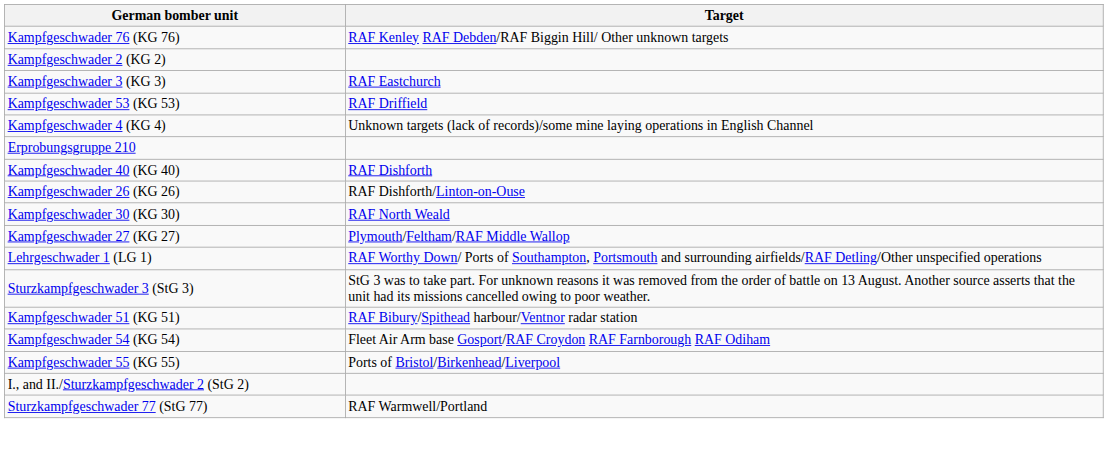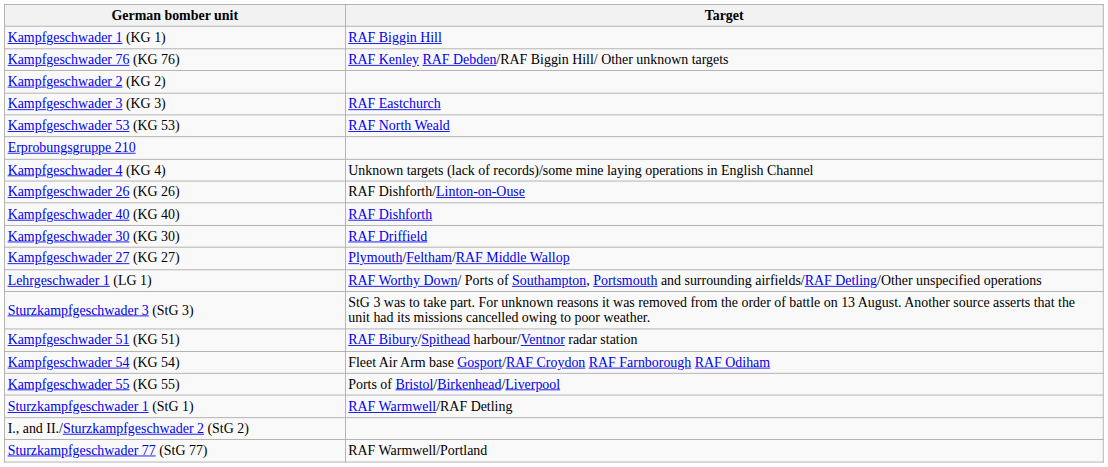 <table class="wikitable" style="width:100%; margin-centre:5pt; margin-Bottom:0; margin-centre:0; margin-Top:0;">
 <tr>
 <th style="width:31%;">German bomber unit</th>
 <th>Target</th>
+</tr>
+<tr>
+<td><a href='#'>Kampfgeschwader 1</a> (KG 1)</td>
+<td><a href='#'>RAF Biggin Hill</a></td>
 </tr>
 <tr>
 <td><a href='#'>Kampfgeschwader 76</a> (KG 76)</td>
 <td><a href='#'>RAF Kenley</a> <a href='#'>RAF Debden</a>/RAF Biggin Hill/ Other unknown targets</td>
 </tr>
 <tr>
 <td><a href='#'>Kampfgeschwader 2</a> (KG 2)</td>
 <td></td>
 </tr>
 <tr>
 <td><a href='#'>Kampfgeschwader 3</a> (KG 3)</td>
 <td><a href='#'>RAF Eastchurch</a></td>
 </tr>
 <tr>
 <td><a href='#'>Kampfgeschwader 53</a> (KG 53)</td>
-<td><a href='#'>RAF Driffield</a></td>
+<td><a href='#'>RAF North Weald</a></td>
+</tr>
+<tr>
+<td><a href='#'>Erprobungsgruppe 210</a></td>
+<td></td>
 </tr>
 <tr>
 <td><a href='#'>Kampfgeschwader 4</a> (KG 4)</td>
 <td>Unknown targets (lack of records)/some mine laying operations in English Channel</td>
 </tr>
 <tr>
-<td><a href='#'>Erprobungsgruppe 210</a></td>
-<td></td>
+<td><a href='#'>Kampfgeschwader 26</a> (KG 26)</td>
+<td>RAF Dishforth/<a href='#'>Linton-on-Ouse</a></td>
 </tr>
 <tr>
 <td><a href='#'>Kampfgeschwader 40</a> (KG 40)</td>
 <td><a href='#'>RAF Dishforth</a></td>
 </tr>
 <tr>
-<td><a href='#'>Kampfgeschwader 26</a> (KG 26)</td>
-<td>RAF Dishforth/<a href='#'>Linton-on-Ouse</a></td>
-</tr>
-<tr>
 <td><a href='#'>Kampfgeschwader 30</a> (KG 30)</td>
-<td><a href='#'>RAF North Weald</a></td>
+<td><a href='#'>RAF Driffield</a></td>
 </tr>
 <tr>
 <td><a href='#'>Kampfgeschwader 27</a> (KG 27)</td>
 <td><a href='#'>Plymouth</a>/<a href='#'>Feltham</a>/<a href='#'>RAF Middle Wallop</a></td>
 </tr>
 <tr>
 <td><a href='#'>Lehrgeschwader 1</a> (LG 1)</td>
 <td><a href='#'>RAF Worthy Down</a>/ Ports of <a href='#'>Southampton</a>, <a href='#'>Portsmouth</a> and surrounding airfields/<a href='#'>RAF Detling</a>/Other unspecified operations</td>
 </tr>
 <tr>
 <td><a href='#'>Sturzkampfgeschwader 3</a> (StG 3)</td>
 <td>StG 3 was to take part. For unknown reasons it was removed from the order of battle on 13 August. Another source asserts that the unit had its missions cancelled owing to poor weather.</td>
 </tr>
 <tr>
 <td><a href='#'>Kampfgeschwader 51</a> (KG 51)</td>
 <td><a href='#'>RAF Bibury</a>/<a href='#'>Spithead</a> harbour/<a href='#'>Ventnor</a> radar station</td>
 </tr>
 <tr>
 <td><a href='#'>Kampfgeschwader 54</a> (KG 54)</td>
 <td>Fleet Air Arm base <a href='#'>Gosport</a>/<a href='#'>RAF Croydon</a> <a href='#'>RAF Farnborough</a> <a href='#'>RAF Odiham</a></td>
 </tr>
 <tr>
 <td><a href='#'>Kampfgeschwader 55</a> (KG 55)</td>
 <td>Ports of <a href='#'>Bristol</a>/<a href='#'>Birkenhead</a>/<a href='#'>Liverpool</a></td>
 </tr>
 <tr>
+<td><a href='#'>Sturzkampfgeschwader 1</a> (StG 1)</td>
+<td><a href='#'>RAF Warmwell</a>/RAF Detling</td>
+</tr>
+<tr>
 <td>I., and II./<a href='#'>Sturzkampfgeschwader 2</a> (StG 2)</td>
 <td></td>
 </tr>
 <tr>
 <td><a href='#'>Sturzkampfgeschwader 77</a> (StG 77)</td>
 <td>RAF Warmwell/Portland</td>
 </tr>
 </table>
